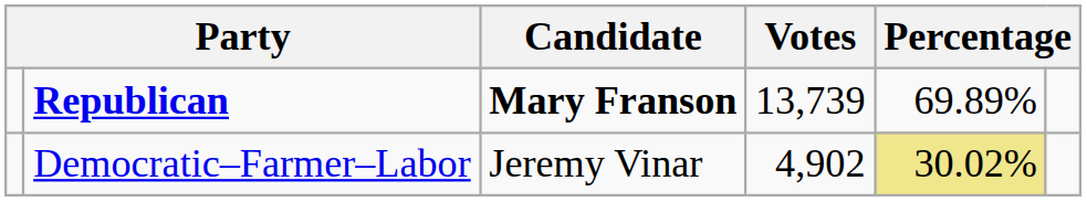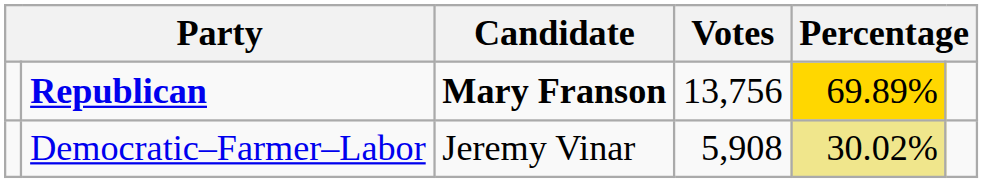 <table class="wikitable" style="text-align:right;">
 <tr style="background-color:#E9E9E9;text-align:center;">
 <th colspan=2>Party</th>
 <th>Candidate</th>
 <th>Votes</th>
 <th colspan=2>Percentage</th>
 </tr>
 <tr>
 <td style="background-color:"></td>
 <td style="text-align:left;"><strong><a href='#'>Republican</a></strong></td>
 <td style="text-align:left;"><strong>Mary Franson</strong></td>
-<td style="text-align:right;">13,739</td>
-<td style="text-align:right;">69.89%</td>
+<td style="text-align:right;">13,756</td>
+<td style="background: gold; text-align:right;">69.89%</td>
 <td style="text-align:right;"><div><div> </div></div></td>
 </tr>
 <tr>
 <td style="background-color:"></td>
 <td style="text-align:left;"><a href='#'>Democratic–Farmer–Labor</a></td>
 <td style="text-align:left;">Jeremy Vinar</td>
-<td style="text-align:right;">4,902</td>
+<td style="text-align:right;">5,908</td>
 <td style="background: khaki; text-align:right;">30.02%</td>
 <td style="text-align:right;"><div><div> </div></div></td>
 </tr>
 </table>
